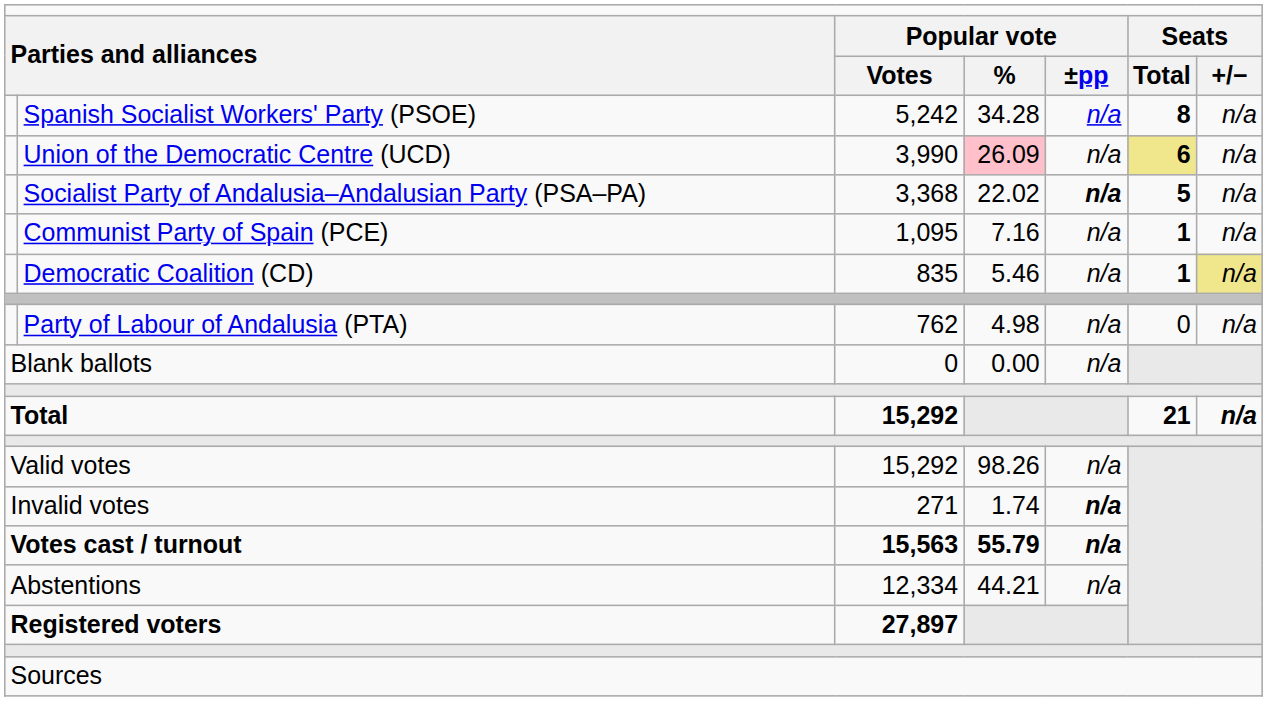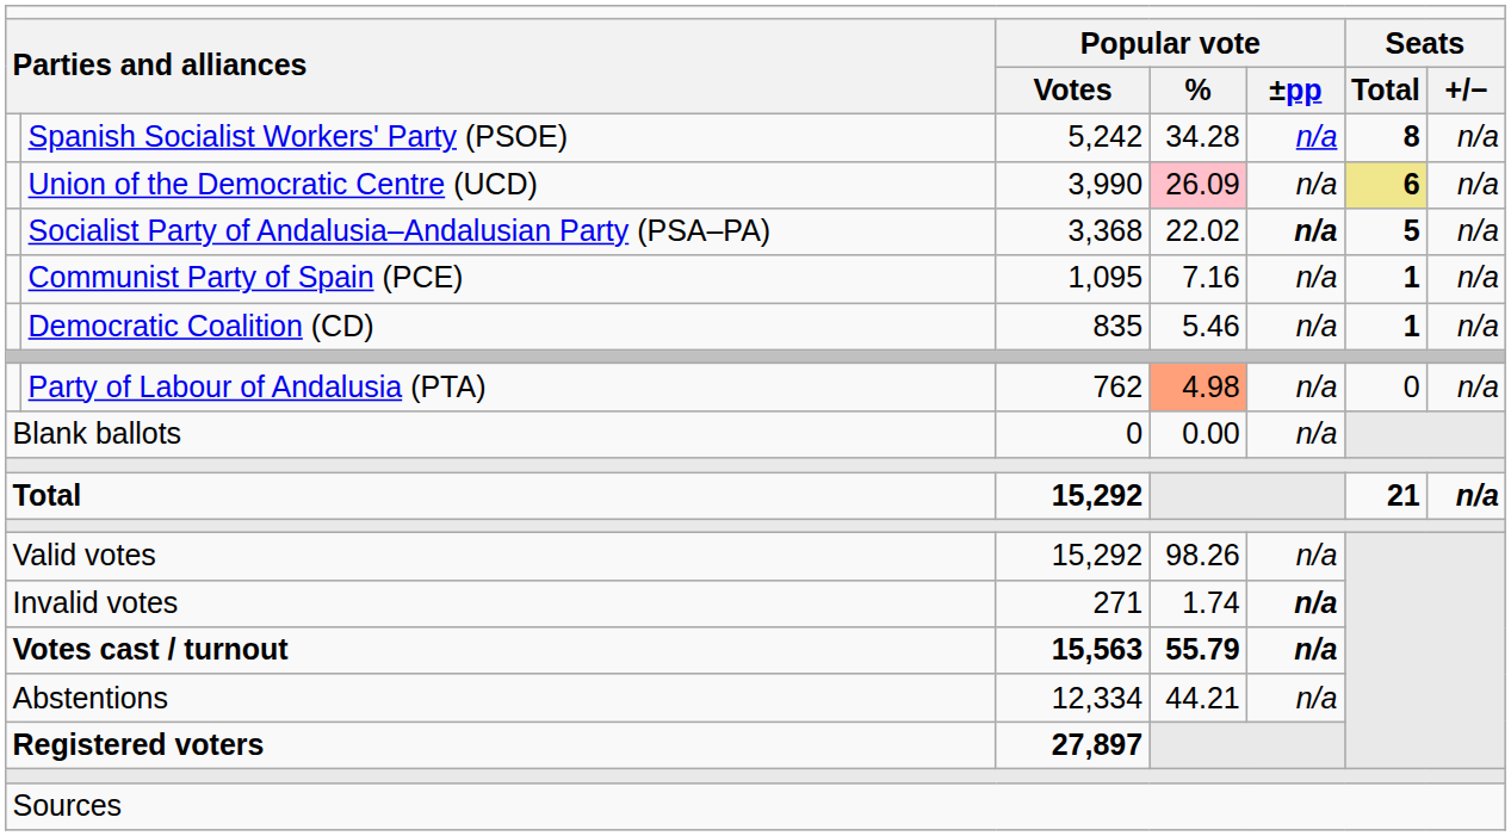 <table class="wikitable" style="text-align:right;">
 <tr>
 <td colspan="7"></td>
 </tr>
 <tr>
 <th style="text-align:left;" rowspan="2" colspan="2" width="525">Parties and alliances</th>
 <th colspan="3">Popular vote</th>
 <th colspan="2">Seats</th>
 </tr>
 <tr>
 <th width="75">Votes</th>
 <th width="45">%</th>
 <th width="45">±<a href='#'>pp</a></th>
 <th width="35">Total</th>
 <th width="35">+/−</th>
 </tr>
 <tr>
 <td width="1" style="color:inherit;background:"></td>
 <td align="left"><a href='#'>Spanish Socialist Workers' Party</a> (PSOE)</td>
 <td>5,242</td>
 <td>34.28</td>
 <td><em><a href='#'>n/a</a></em></td>
 <td><strong>8</strong></td>
 <td><em>n/a</em></td>
 </tr>
 <tr>
 <td style="color:inherit;background:"></td>
 <td align="left"><a href='#'>Union of the Democratic Centre</a> (UCD)</td>
 <td>3,990</td>
 <td style="background: pink;">26.09</td>
 <td><em>n/a</em></td>
 <td style="background: khaki;"><strong>6</strong></td>
 <td><em>n/a</em></td>
 </tr>
 <tr>
 <td style="color:inherit;background:"></td>
 <td align="left"><a href='#'>Socialist Party of Andalusia–Andalusian Party</a> (PSA–PA)</td>
 <td>3,368</td>
 <td>22.02</td>
 <td><strong><em>n/a</em></strong></td>
 <td><strong>5</strong></td>
 <td><em>n/a</em></td>
 </tr>
 <tr>
 <td style="color:inherit;background:"></td>
 <td align="left"><a href='#'>Communist Party of Spain</a> (PCE)</td>
 <td>1,095</td>
 <td>7.16</td>
 <td><em>n/a</em></td>
 <td><strong>1</strong></td>
 <td><em>n/a</em></td>
 </tr>
 <tr>
 <td style="color:inherit;background:"></td>
 <td align="left"><a href='#'>Democratic Coalition</a> (CD)</td>
 <td>835</td>
 <td>5.46</td>
 <td><em>n/a</em></td>
 <td><strong>1</strong></td>
-<td style="background: khaki;"><em>n/a</em></td>
+<td><em>n/a</em></td>
 </tr>
 <tr>
 <td colspan="7" bgcolor="#C0C0C0"></td>
 </tr>
 <tr>
 <td style="color:inherit;background:"></td>
 <td align="left"><a href='#'>Party of Labour of Andalusia</a> (PTA)</td>
 <td>762</td>
-<td>4.98</td>
+<td style="background: lightsalmon;">4.98</td>
 <td><em>n/a</em></td>
 <td>0</td>
 <td><em>n/a</em></td>
 </tr>
 <tr>
 <td align="left" colspan="2">Blank ballots</td>
 <td>0</td>
 <td>0.00</td>
 <td><em>n/a</em></td>
 <td bgcolor="#E9E9E9" colspan="2"></td>
 </tr>
 <tr>
 <td colspan="7" bgcolor="#E9E9E9"></td>
 </tr>
 <tr style="font-weight:bold;">
 <td align="left" colspan="2">Total</td>
 <td>15,292</td>
 <td bgcolor="#E9E9E9" colspan="2"></td>
 <td>21</td>
 <td><em>n/a</em></td>
 </tr>
 <tr>
 <td colspan="7" bgcolor="#E9E9E9"></td>
 </tr>
 <tr>
 <td align="left" colspan="2">Valid votes</td>
 <td>15,292</td>
 <td>98.26</td>
 <td><em>n/a</em></td>
 <td bgcolor="#E9E9E9" colspan="2" rowspan="5"></td>
 </tr>
 <tr>
 <td align="left" colspan="2">Invalid votes</td>
 <td>271</td>
 <td>1.74</td>
 <td><strong><em>n/a</em></strong></td>
 </tr>
 <tr style="font-weight:bold;">
 <td align="left" colspan="2">Votes cast / turnout</td>
 <td>15,563</td>
 <td>55.79</td>
 <td><em>n/a</em></td>
 </tr>
 <tr>
 <td align="left" colspan="2">Abstentions</td>
 <td>12,334</td>
 <td>44.21</td>
 <td><em>n/a</em></td>
 </tr>
 <tr style="font-weight:bold;">
 <td align="left" colspan="2">Registered voters</td>
 <td>27,897</td>
 <td bgcolor="#E9E9E9" colspan="2"></td>
 </tr>
 <tr>
 <td colspan="7" bgcolor="#E9E9E9"></td>
 </tr>
 <tr>
 <td align="left" colspan="7">Sources</td>
 </tr>
 </table>
